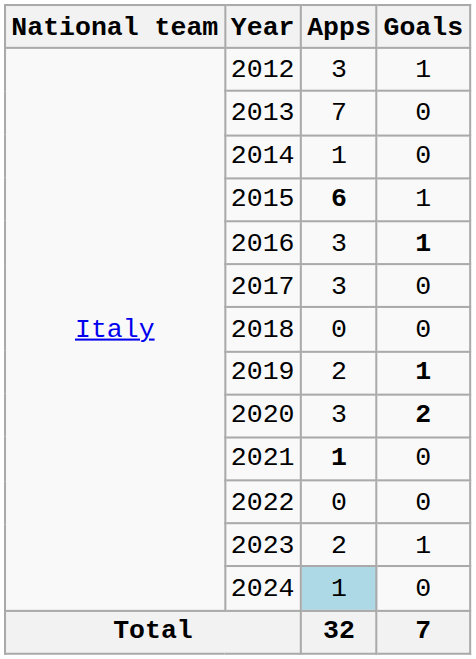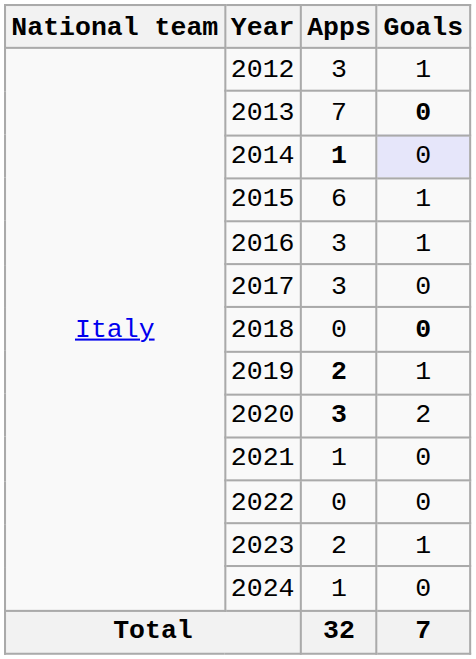 <table class="wikitable" style="text-align:center">
 <tr>
 <th>National team</th>
 <th>Year</th>
 <th>Apps</th>
 <th>Goals</th>
 </tr>
 <tr>
 <td rowspan="13"><a href='#'>Italy</a></td>
 <td>2012</td>
 <td>3</td>
 <td>1</td>
 </tr>
 <tr>
 <td>2013</td>
 <td>7</td>
-<td>0</td>
+<td><strong>0</strong></td>
 </tr>
 <tr>
 <td>2014</td>
-<td>1</td>
-<td>0</td>
+<td><strong>1</strong></td>
+<td style="background: lavender;">0</td>
 </tr>
 <tr>
 <td>2015</td>
-<td><strong>6</strong></td>
+<td>6</td>
 <td>1</td>
 </tr>
 <tr>
 <td>2016</td>
 <td>3</td>
-<td><strong>1</strong></td>
+<td>1</td>
 </tr>
 <tr>
 <td>2017</td>
 <td>3</td>
 <td>0</td>
 </tr>
 <tr>
 <td>2018</td>
 <td>0</td>
-<td>0</td>
+<td><strong>0</strong></td>
 </tr>
 <tr>
 <td>2019</td>
-<td>2</td>
-<td><strong>1</strong></td>
+<td><strong>2</strong></td>
+<td>1</td>
 </tr>
 <tr>
 <td>2020</td>
-<td>3</td>
-<td><strong>2</strong></td>
+<td><strong>3</strong></td>
+<td>2</td>
 </tr>
 <tr>
 <td>2021</td>
-<td><strong>1</strong></td>
+<td>1</td>
 <td>0</td>
 </tr>
 <tr>
 <td>2022</td>
 <td>0</td>
 <td>0</td>
 </tr>
 <tr>
 <td>2023</td>
 <td>2</td>
 <td>1</td>
 </tr>
 <tr>
 <td>2024</td>
-<td style="background: lightblue;">1</td>
+<td>1</td>
 <td>0</td>
 </tr>
 <tr>
 <th colspan="2">Total</th>
 <th>32</th>
 <th>7</th>
 </tr>
 </table>
